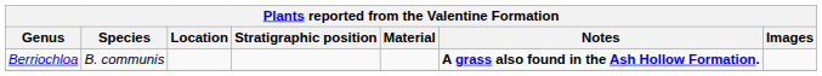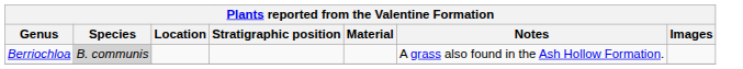 <table class="wikitable" align="center">
 <tr>
 <th colspan="7" align="center"><strong><a href='#'>Plants</a> reported from the Valentine Formation</strong></th>
 </tr>
 <tr>
 <th>Genus</th>
 <th>Species</th>
 <th>Location</th>
 <th><strong>Stratigraphic position</strong></th>
 <th><strong>Material</strong></th>
 <th>Notes</th>
 <th>Images</th>
 </tr>
 <tr>
 <td><em><a href='#'>Berriochloa</a></em></td>
-<td><em>B. communis</em></td>
+<td style="background: lightgrey;"><em>B. communis</em></td>
 <td></td>
 <td></td>
 <td></td>
-<td><strong>A <a href='#'>grass</a> also found in the <a href='#'>Ash Hollow Formation</a>.</strong></td>
+<td>A <a href='#'>grass</a> also found in the <a href='#'>Ash Hollow Formation</a>.</td>
 <td></td>
 </tr>
 <tr>
 </tr>
 </table>
